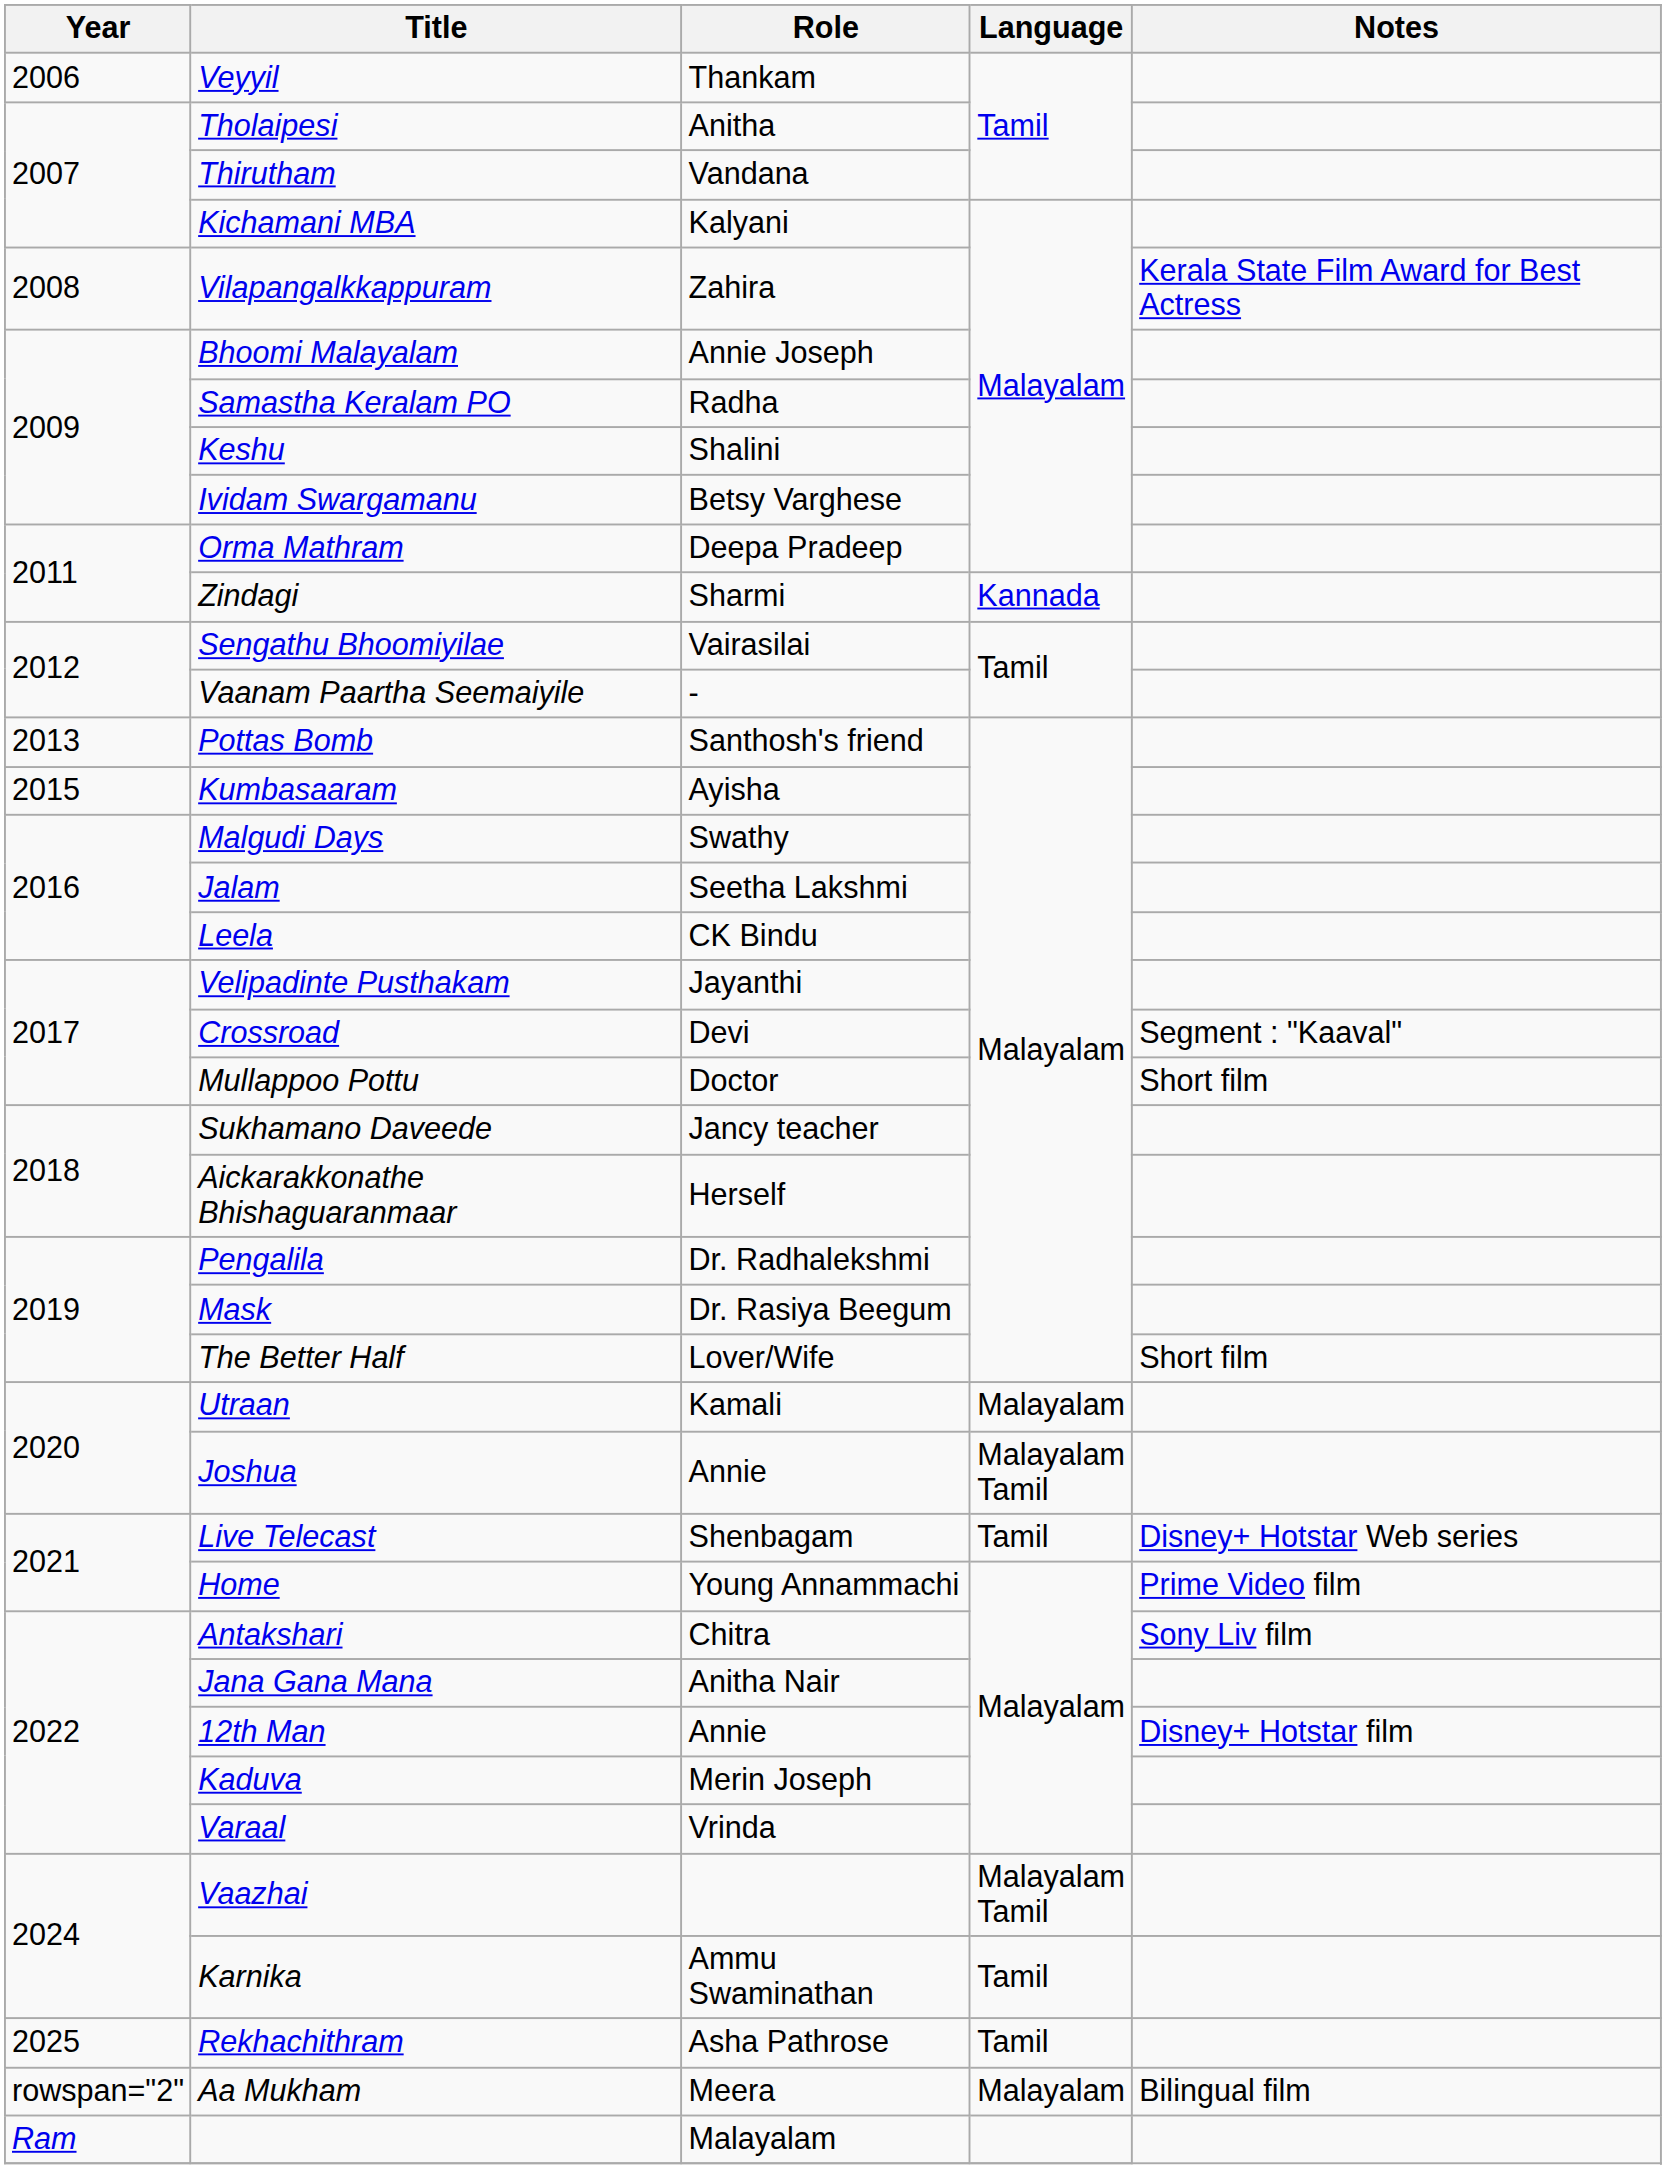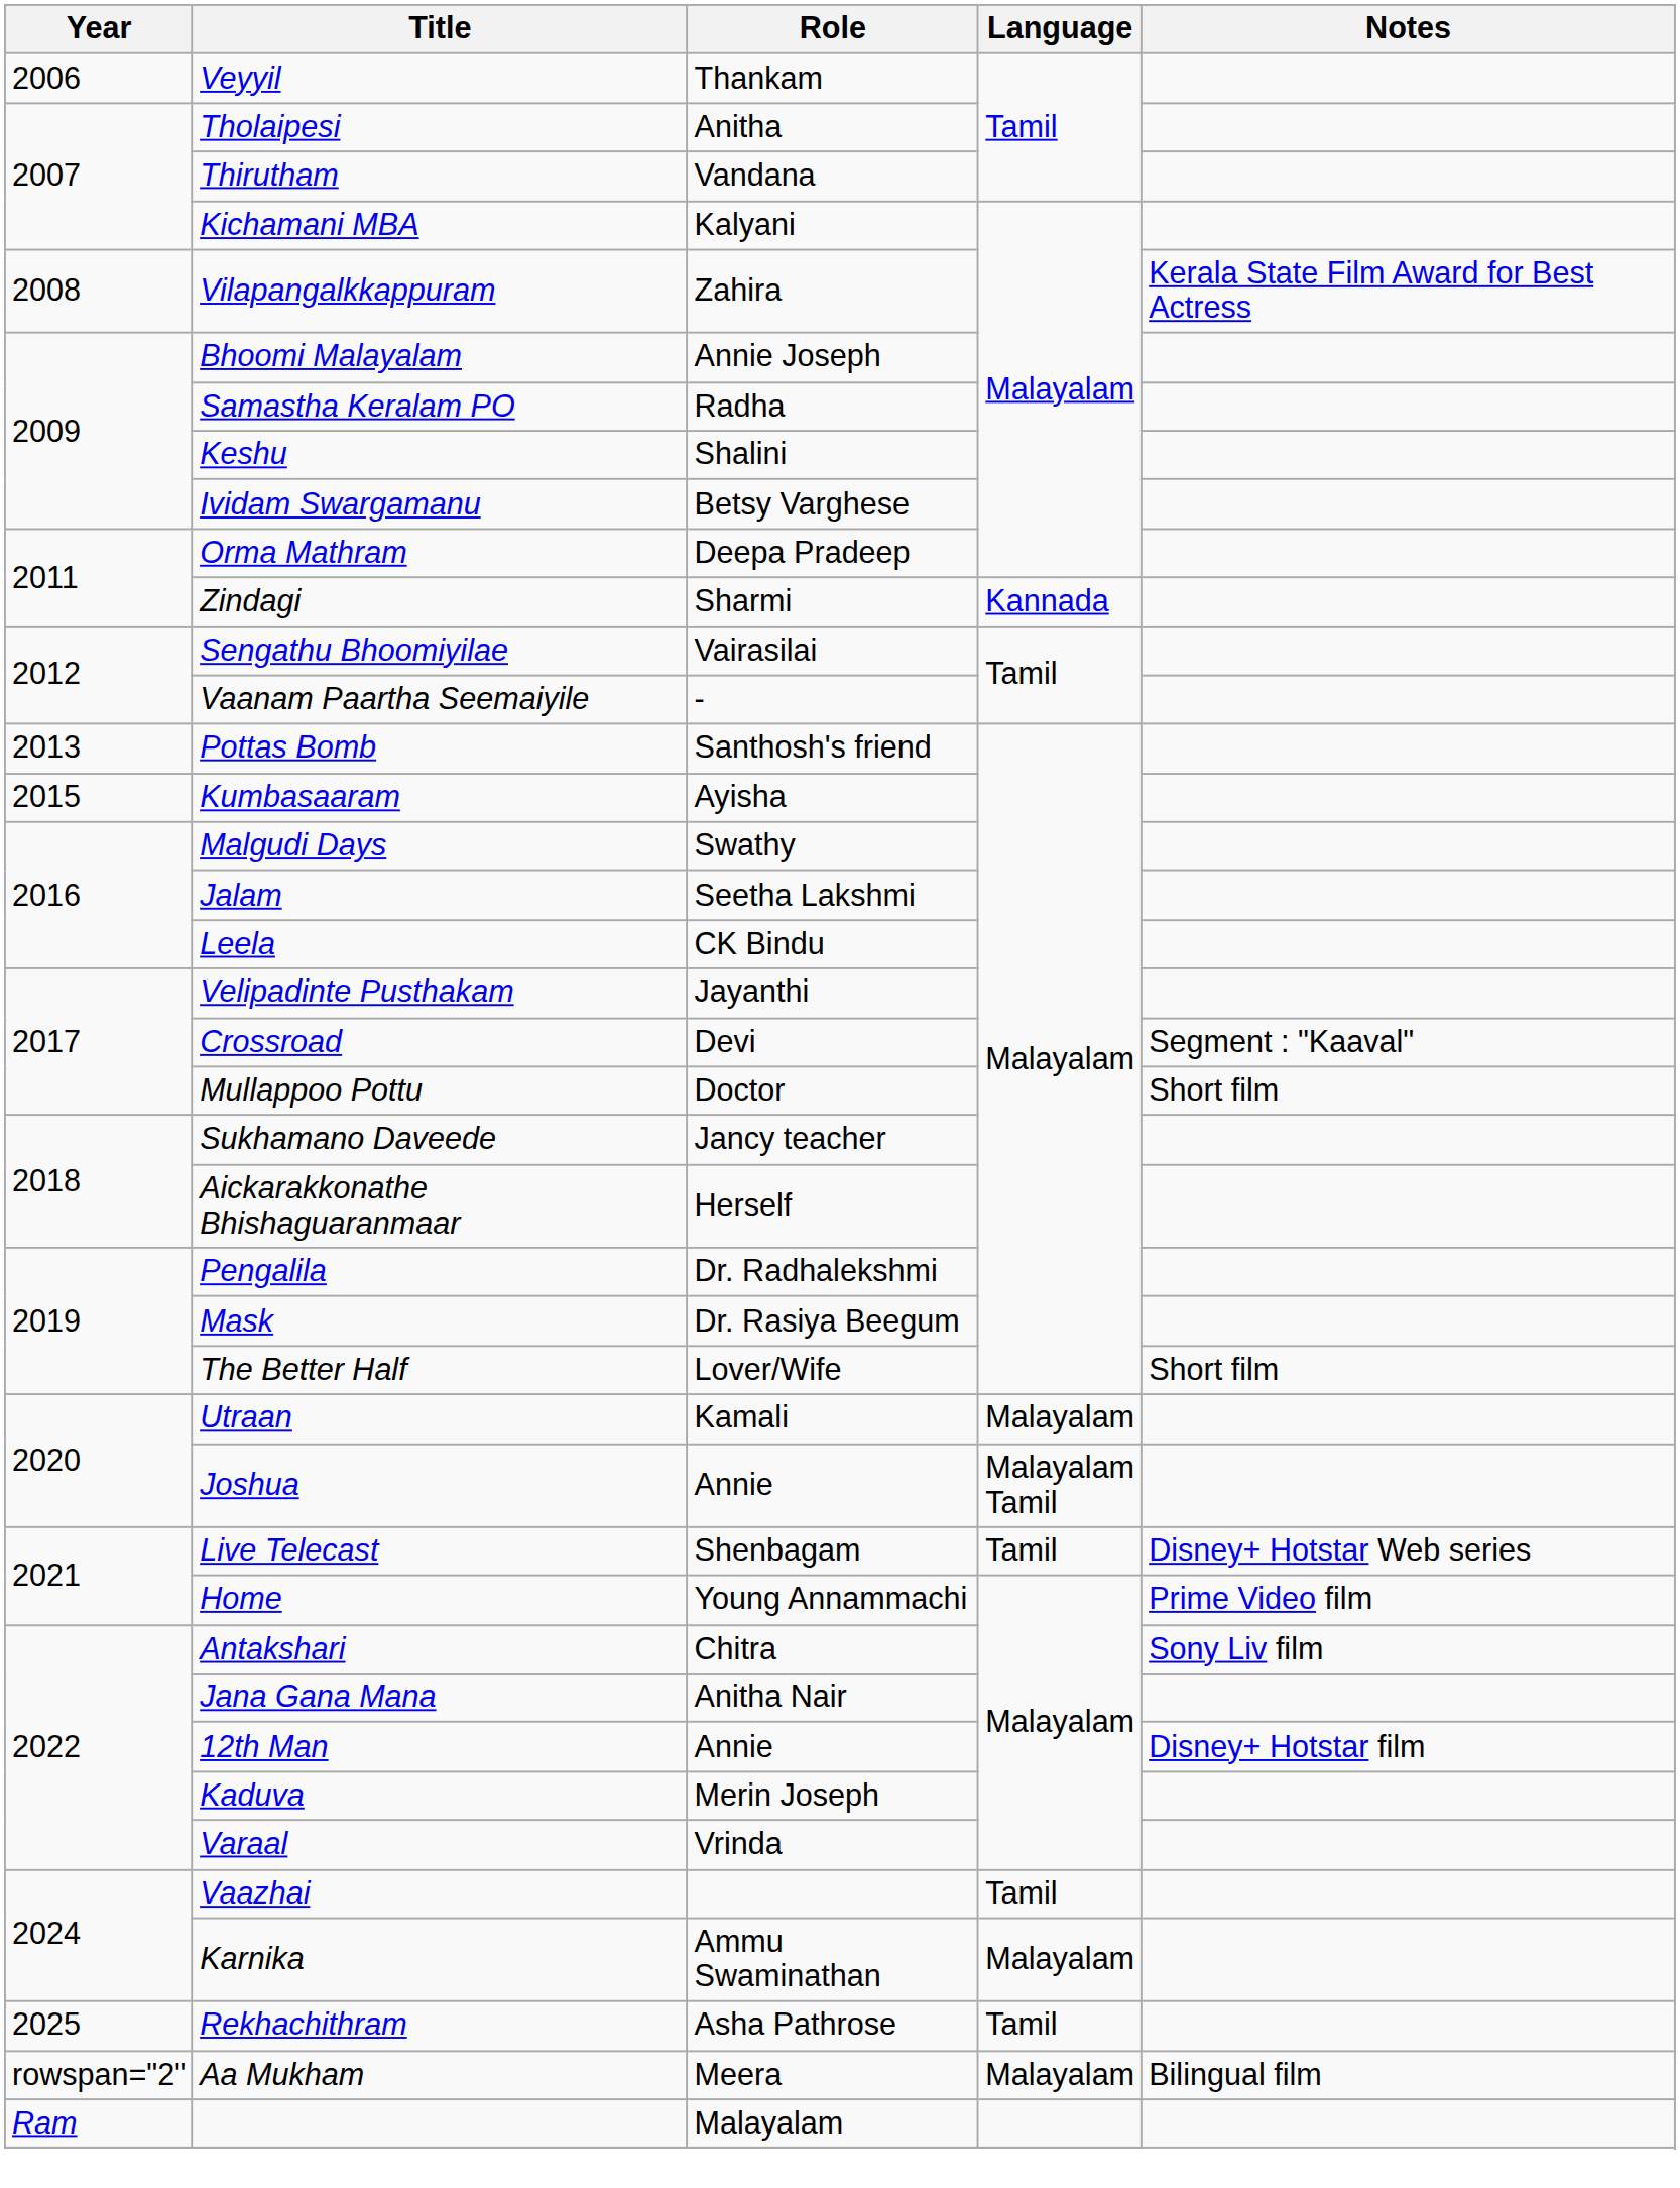 <table class="sortable wikitable">
 <tr>
 <th>Year</th>
 <th>Title</th>
 <th>Role</th>
 <th>Language</th>
 <th>Notes</th>
 </tr>
 <tr>
 <td>2006</td>
 <td><em><a href='#'>Veyyil</a></em></td>
 <td>Thankam</td>
 <td rowspan="3"><a href='#'>Tamil</a></td>
 <td></td>
 </tr>
 <tr>
 <td rowspan="3">2007</td>
 <td><em><a href='#'>Tholaipesi</a></em></td>
 <td>Anitha</td>
 <td></td>
 </tr>
 <tr>
 <td><em><a href='#'>Thirutham</a></em></td>
 <td>Vandana</td>
 <td></td>
 </tr>
 <tr>
 <td><em><a href='#'>Kichamani MBA</a></em></td>
 <td>Kalyani</td>
 <td rowspan="7"><a href='#'>Malayalam</a></td>
 <td></td>
 </tr>
 <tr>
 <td>2008</td>
 <td><em><a href='#'>Vilapangalkkappuram</a></em></td>
 <td>Zahira</td>
 <td><a href='#'>Kerala State Film Award for Best Actress</a></td>
 </tr>
 <tr>
 <td rowspan="4">2009</td>
 <td><em><a href='#'>Bhoomi Malayalam</a></em></td>
 <td>Annie Joseph</td>
 <td></td>
 </tr>
 <tr>
 <td><em><a href='#'>Samastha Keralam PO</a></em></td>
 <td>Radha</td>
 <td></td>
 </tr>
 <tr>
 <td><em><a href='#'>Keshu</a></em></td>
 <td>Shalini</td>
 <td></td>
 </tr>
 <tr>
 <td><em><a href='#'>Ividam Swargamanu</a></em></td>
 <td>Betsy Varghese</td>
 <td></td>
 </tr>
 <tr>
 <td rowspan="2">2011</td>
 <td><em><a href='#'>Orma Mathram</a></em></td>
 <td>Deepa Pradeep</td>
 <td></td>
 </tr>
 <tr>
 <td><em>Zindagi</em></td>
 <td>Sharmi</td>
 <td><a href='#'>Kannada</a></td>
 <td></td>
 </tr>
 <tr>
 <td rowspan="2">2012</td>
 <td><em><a href='#'>Sengathu Bhoomiyilae</a></em></td>
 <td>Vairasilai</td>
 <td rowspan="2">Tamil</td>
 <td></td>
 </tr>
 <tr>
 <td><em>Vaanam Paartha Seemaiyile</em></td>
 <td>-</td>
 <td></td>
 </tr>
 <tr>
 <td>2013</td>
 <td><em><a href='#'>Pottas Bomb</a></em></td>
 <td>Santhosh's friend</td>
 <td rowspan="13">Malayalam</td>
 <td></td>
 </tr>
 <tr>
 <td>2015</td>
 <td><em><a href='#'>Kumbasaaram</a></em></td>
 <td>Ayisha</td>
 <td></td>
 </tr>
 <tr>
 <td rowspan="3">2016</td>
 <td><em><a href='#'>Malgudi Days</a></em></td>
 <td>Swathy</td>
 <td></td>
 </tr>
 <tr>
 <td><em><a href='#'>Jalam</a></em></td>
 <td>Seetha Lakshmi</td>
 <td></td>
 </tr>
 <tr>
 <td><em><a href='#'>Leela</a></em></td>
 <td>CK Bindu</td>
 <td></td>
 </tr>
 <tr>
 <td rowspan="3">2017</td>
 <td><em><a href='#'>Velipadinte Pusthakam</a></em></td>
 <td>Jayanthi</td>
 <td></td>
 </tr>
 <tr>
 <td><em><a href='#'>Crossroad</a></em></td>
 <td>Devi</td>
 <td>Segment : "Kaaval"</td>
 </tr>
 <tr>
 <td><em>Mullappoo Pottu</em></td>
 <td>Doctor</td>
 <td>Short film</td>
 </tr>
 <tr>
 <td rowspan="2">2018</td>
 <td><em>Sukhamano Daveede</em></td>
 <td>Jancy teacher</td>
 <td></td>
 </tr>
 <tr>
 <td><em>Aickarakkonathe Bhishaguaranmaar</em></td>
 <td>Herself</td>
 <td></td>
 </tr>
 <tr>
 <td rowspan="3">2019</td>
 <td><em><a href='#'>Pengalila</a></em></td>
 <td>Dr. Radhalekshmi</td>
 <td></td>
 </tr>
 <tr>
 <td><em><a href='#'>Mask</a></em></td>
 <td>Dr. Rasiya Beegum</td>
 <td></td>
 </tr>
 <tr>
 <td><em>The Better Half</em></td>
 <td>Lover/Wife</td>
 <td>Short film</td>
 </tr>
 <tr>
 <td rowspan="2">2020</td>
 <td><em><a href='#'>Utraan</a></em></td>
 <td>Kamali</td>
 <td>Malayalam</td>
 <td></td>
 </tr>
 <tr>
 <td><em><a href='#'>Joshua</a></em></td>
 <td>Annie</td>
 <td>Malayalam<br>Tamil</td>
 <td></td>
 </tr>
 <tr>
 <td rowspan="2">2021</td>
 <td><em><a href='#'>Live Telecast</a></em></td>
 <td>Shenbagam</td>
 <td>Tamil</td>
 <td><a href='#'>Disney+ Hotstar</a> Web series</td>
 </tr>
 <tr>
 <td><em><a href='#'>Home</a></em></td>
 <td>Young Annammachi</td>
 <td rowspan="6">Malayalam</td>
 <td><a href='#'>Prime Video</a> film</td>
 </tr>
 <tr>
 <td rowspan="5">2022</td>
 <td><em><a href='#'>Antakshari</a></em></td>
 <td>Chitra</td>
 <td><a href='#'>Sony Liv</a> film</td>
 </tr>
 <tr>
 <td><em><a href='#'>Jana Gana Mana</a></em></td>
 <td>Anitha Nair</td>
 <td></td>
 </tr>
 <tr>
 <td><em><a href='#'>12th Man</a></em></td>
 <td>Annie</td>
 <td><a href='#'>Disney+ Hotstar</a> film</td>
 </tr>
 <tr>
 <td><em><a href='#'>Kaduva</a></em></td>
 <td>Merin Joseph</td>
 <td></td>
 </tr>
 <tr>
 <td><em><a href='#'>Varaal</a></em></td>
 <td>Vrinda</td>
 <td></td>
 </tr>
 <tr>
 <td rowspan="2">2024</td>
 <td><em><a href='#'>Vaazhai</a></em></td>
 <td></td>
-<td>Malayalam<br>Tamil</td>
+<td>Tamil</td>
 <td></td>
 </tr>
 <tr>
 <td><em>Karnika</em></td>
 <td>Ammu Swaminathan</td>
-<td>Tamil</td>
+<td>Malayalam</td>
 <td></td>
 </tr>
 <tr>
 <td>2025</td>
 <td><em><a href='#'>Rekhachithram</a></em></td>
 <td>Asha Pathrose</td>
 <td>Tamil</td>
 <td></td>
 </tr>
 <tr>
 <td>rowspan="2" </td>
 <td><em>Aa Mukham</em></td>
 <td>Meera</td>
 <td>Malayalam</td>
 <td>Bilingual film</td>
 </tr>
 <tr>
 <td><em><a href='#'>Ram</a></em></td>
 <td></td>
 <td>Malayalam</td>
 <td></td>
 </tr>
 <tr>
 </tr>
 </table>
